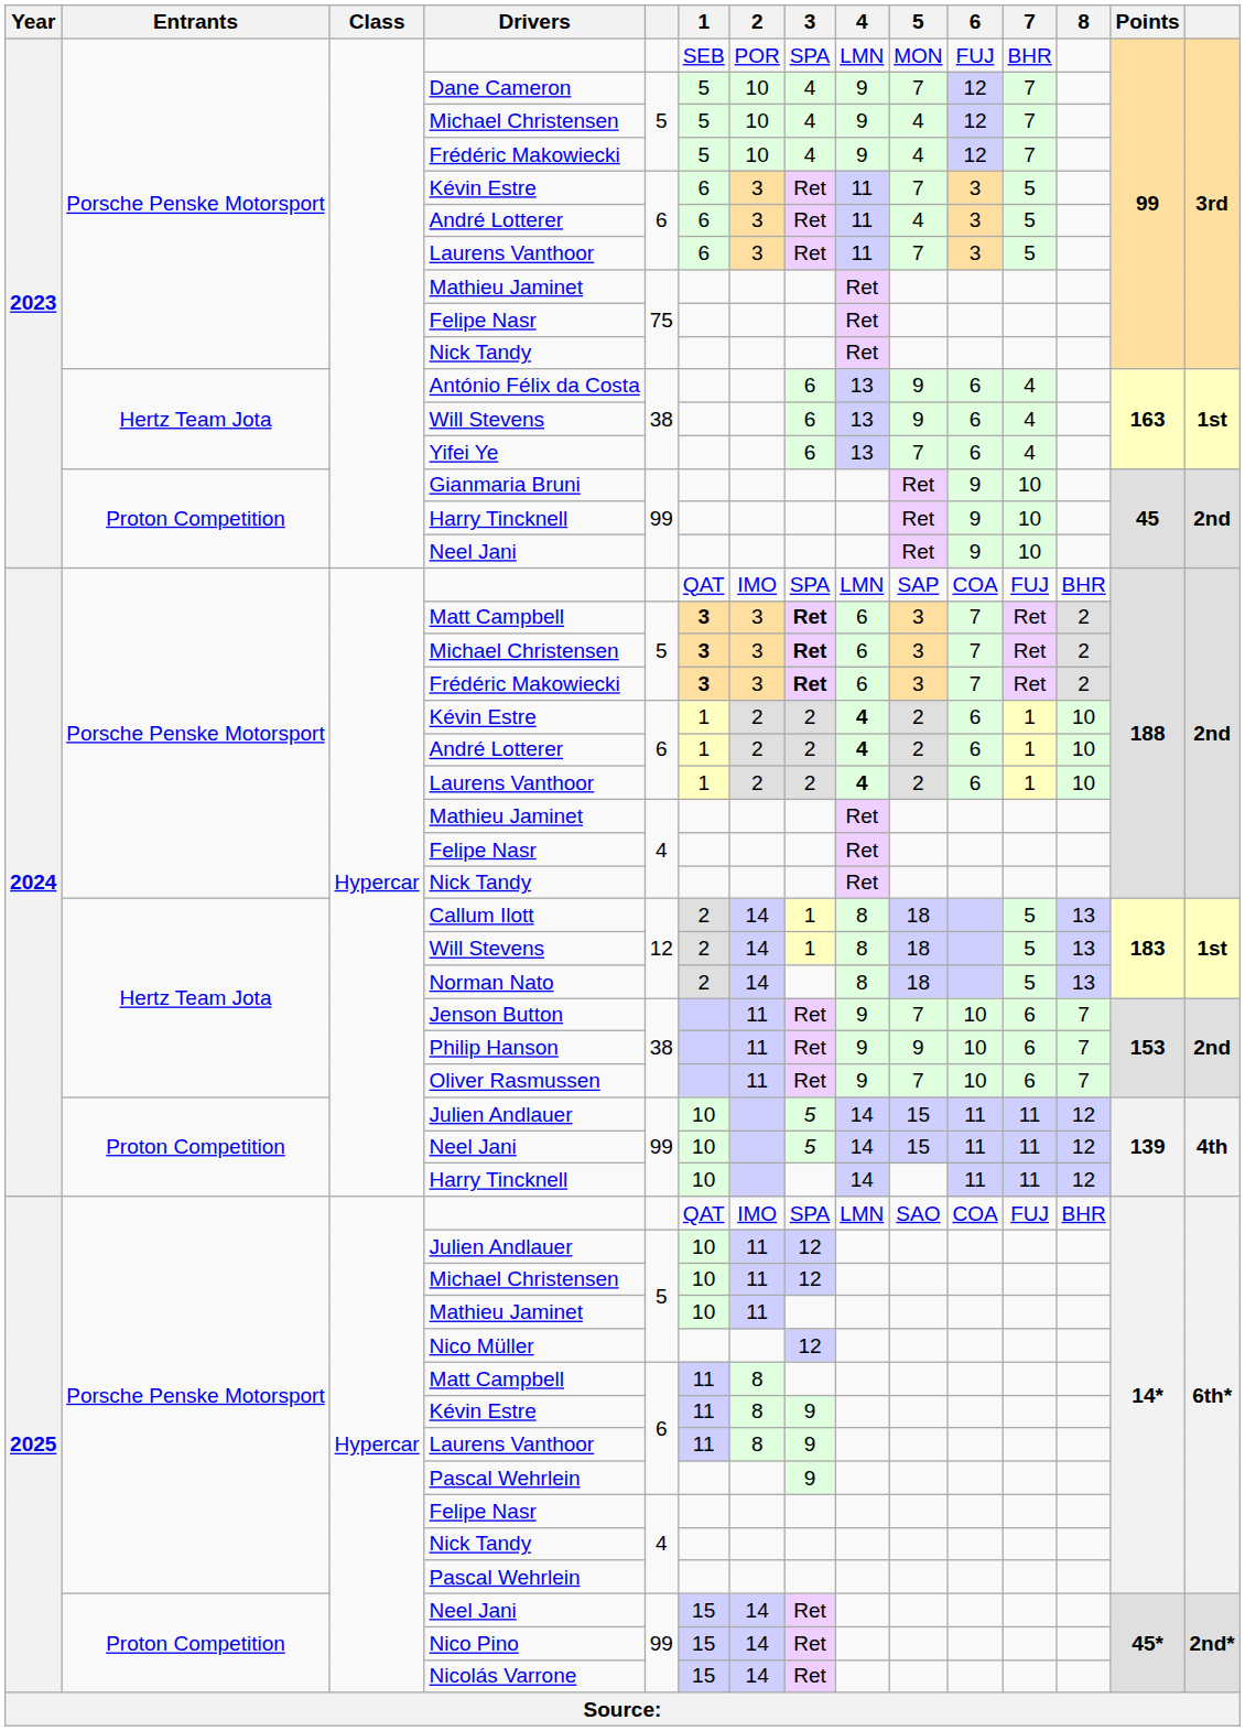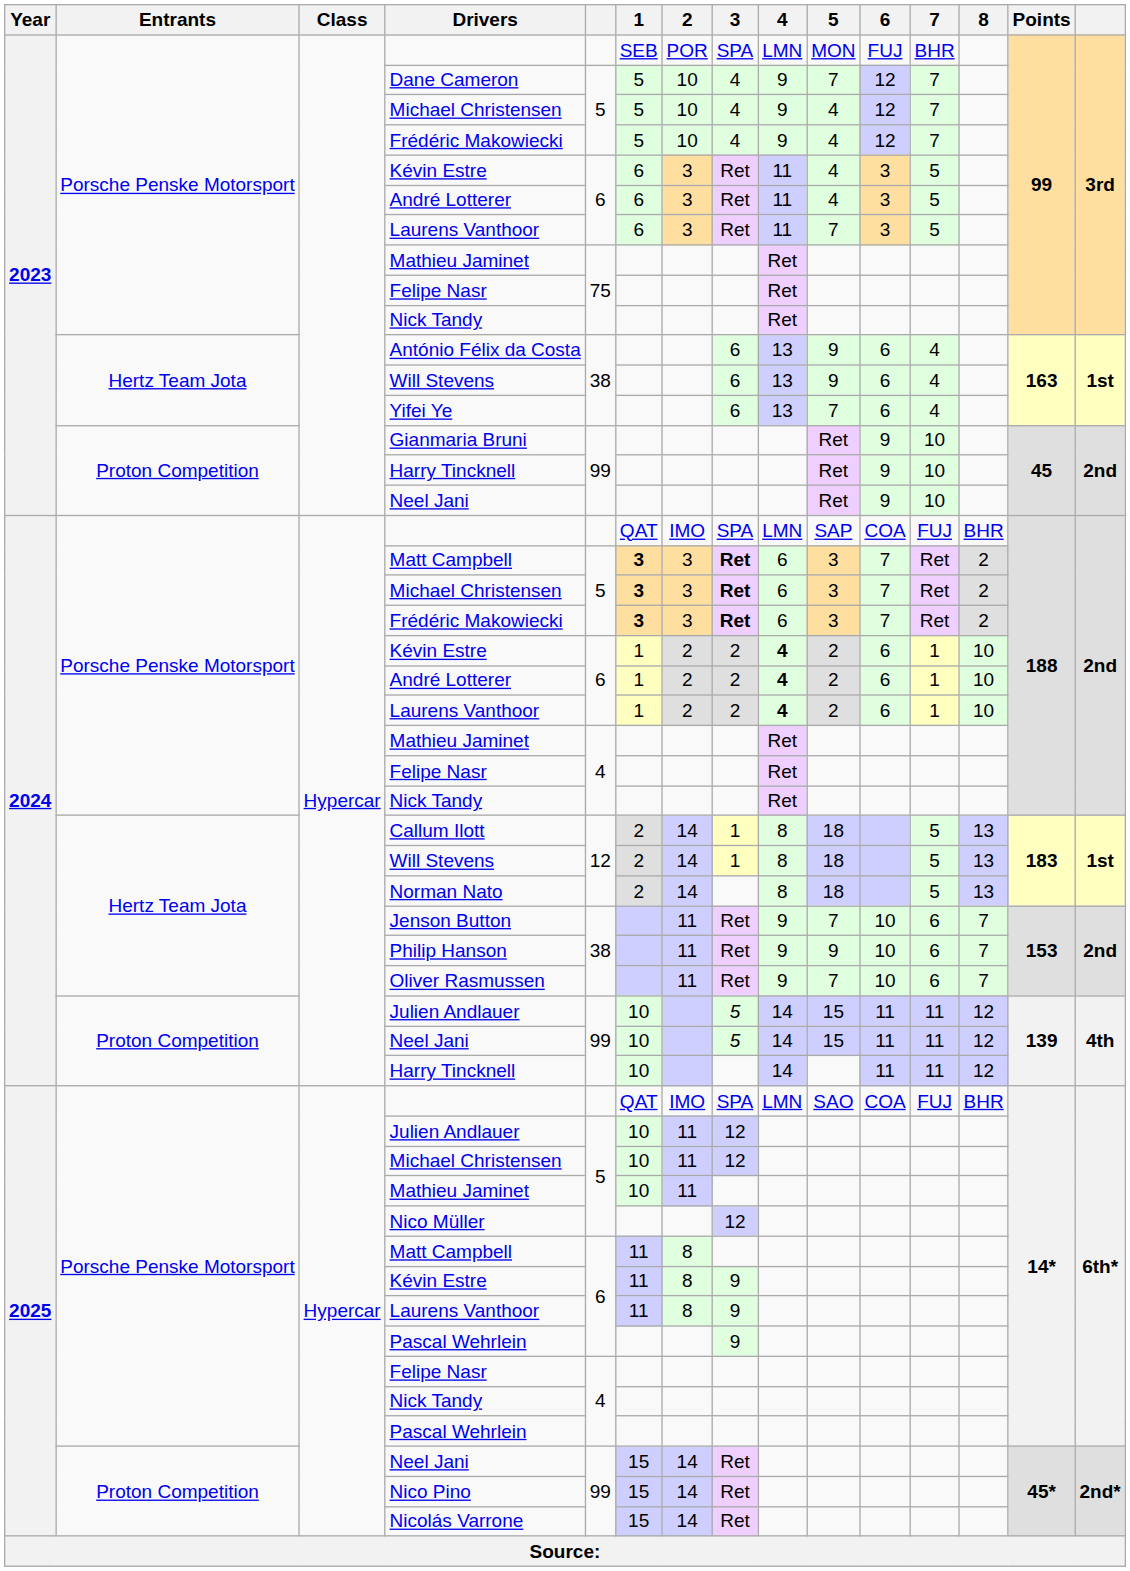 <table class = "wikitable" style="text-align:center; font-size:90%">
 <tr>
 <th>Year</th>
 <th>Entrants</th>
 <th>Class</th>
 <th>Drivers</th>
 <th></th>
 <th>1</th>
 <th>2</th>
 <th>3</th>
 <th>4</th>
 <th>5</th>
 <th>6</th>
 <th>7</th>
 <th>8</th>
 <th>Points</th>
 <th></th>
 </tr>
 <tr>
 <th rowspan="16"><a href='#'>2023</a></th>
 <td rowspan="10"><a href='#'>Porsche Penske Motorsport</a></td>
 <td rowspan="16"></td>
 <td></td>
 <td></td>
 <td><a href='#'>SEB</a></td>
 <td><a href='#'>POR</a></td>
 <td><a href='#'>SPA</a></td>
 <td><a href='#'>LMN</a></td>
 <td><a href='#'>MON</a></td>
 <td><a href='#'>FUJ</a></td>
 <td><a href='#'>BHR</a></td>
 <td></td>
 <th rowspan="10" style="background:#FFDF9F;">99</th>
 <th rowspan="10" style="background:#FFDF9F;">3rd</th>
 </tr>
 <tr>
 <td align="left"> <a href='#'>Dane Cameron</a></td>
 <td rowspan="3">5</td>
 <td style="background:#DFFFDF;">5</td>
 <td style="background:#DFFFDF;”">10</td>
 <td style="background:#DFFFDF;">4</td>
 <td style="background:#DFFFDF;">9</td>
 <td style="background:#DFFFDF;">7</td>
 <td style="background:#CFCFFF;">12</td>
 <td style="background:#DFFFDF;”">7</td>
 <td></td>
 </tr>
 <tr>
 <td align="left"> <a href='#'>Michael Christensen</a></td>
 <td style="background:#DFFFDF;">5</td>
 <td style="background:#DFFFDF;”">10</td>
 <td style="background:#DFFFDF;">4</td>
 <td style="background:#DFFFDF;">9</td>
 <td style="background:#DFFFDF;">4</td>
 <td style="background:#CFCFFF;">12</td>
 <td style="background:#DFFFDF;”">7</td>
 <td></td>
 </tr>
 <tr>
 <td align="left"> <a href='#'>Frédéric Makowiecki</a></td>
 <td style="background:#DFFFDF;">5</td>
 <td style="background:#DFFFDF;”">10</td>
 <td style="background:#DFFFDF;">4</td>
 <td style="background:#DFFFDF;">9</td>
 <td style="background:#DFFFDF;">4</td>
 <td style="background:#CFCFFF;">12</td>
 <td style="background:#DFFFDF;”">7</td>
 <td></td>
 </tr>
 <tr>
 <td align="left"> <a href='#'>Kévin Estre</a></td>
 <td rowspan="3">6</td>
 <td style="background:#DFFFDF;">6</td>
 <td style="background:#FFDF9F;”">3</td>
 <td style="background:#EFCFFF;">Ret</td>
 <td style="background:#CFCFFF;">11</td>
-<td style="background:#DFFFDF;">7</td>
+<td style="background:#DFFFDF;">4</td>
 <td style="background:#FFDF9F;”">3</td>
 <td style="background:#DFFFDF;”">5</td>
 <td></td>
 </tr>
 <tr>
 <td align="left"> <a href='#'>André Lotterer</a></td>
 <td style="background:#DFFFDF;">6</td>
 <td style="background:#FFDF9F;”">3</td>
 <td style="background:#EFCFFF;">Ret</td>
 <td style="background:#CFCFFF;">11</td>
 <td style="background:#DFFFDF;">4</td>
 <td style="background:#FFDF9F;”">3</td>
 <td style="background:#DFFFDF;”">5</td>
 <td></td>
 </tr>
 <tr>
 <td align="left"> <a href='#'>Laurens Vanthoor</a></td>
 <td style="background:#DFFFDF;">6</td>
 <td style="background:#FFDF9F;”">3</td>
 <td style="background:#EFCFFF;">Ret</td>
 <td style="background:#CFCFFF;">11</td>
 <td style="background:#DFFFDF;">7</td>
 <td style="background:#FFDF9F;”">3</td>
 <td style="background:#DFFFDF;”">5</td>
 <td></td>
 </tr>
 <tr>
 <td align="left"> <a href='#'>Mathieu Jaminet</a></td>
 <td rowspan="3">75</td>
 <td></td>
 <td></td>
 <td></td>
 <td style="background:#EFCFFF;">Ret</td>
 <td></td>
 <td></td>
 <td></td>
 <td></td>
 </tr>
 <tr>
 <td align="left"> <a href='#'>Felipe Nasr</a></td>
 <td></td>
 <td></td>
 <td></td>
 <td style="background:#EFCFFF;">Ret</td>
 <td></td>
 <td></td>
 <td></td>
 <td></td>
 </tr>
 <tr>
 <td align="left"> <a href='#'>Nick Tandy</a></td>
 <td></td>
 <td></td>
 <td></td>
 <td style="background:#EFCFFF;">Ret</td>
 <td></td>
 <td></td>
 <td></td>
 <td></td>
 </tr>
 <tr>
 <td rowspan="3"><a href='#'>Hertz Team Jota</a></td>
 <td align="left"> <a href='#'>António Félix da Costa</a></td>
 <td rowspan="3">38</td>
 <td></td>
 <td></td>
 <td style="background:#DFFFDF;">6</td>
 <td style="background:#CFCFFF;">13</td>
 <td style="background:#DFFFDF;">9</td>
 <td style="background:#DFFFDF;">6</td>
 <td style="background:#DFFFDF;”">4</td>
 <td></td>
 <th rowspan="3" style="background:#FFFFBF;">163</th>
 <th rowspan="3" style="background:#FFFFBF;">1st</th>
 </tr>
 <tr>
 <td align="left"> <a href='#'>Will Stevens</a></td>
 <td></td>
 <td></td>
 <td style="background:#DFFFDF;">6</td>
 <td style="background:#CFCFFF;">13</td>
 <td style="background:#DFFFDF;">9</td>
 <td style="background:#DFFFDF;">6</td>
 <td style="background:#DFFFDF;”">4</td>
 <td></td>
 </tr>
 <tr>
 <td align="left"> <a href='#'>Yifei Ye</a></td>
 <td></td>
 <td></td>
 <td style="background:#DFFFDF;">6</td>
 <td style="background:#CFCFFF;">13</td>
 <td style="background:#DFFFDF;">7</td>
 <td style="background:#DFFFDF;">6</td>
 <td style="background:#DFFFDF;”">4</td>
 <td></td>
 </tr>
 <tr>
 <td rowspan="3"><a href='#'>Proton Competition</a></td>
 <td align="left"> <a href='#'>Gianmaria Bruni</a></td>
 <td rowspan="3">99</td>
 <td></td>
 <td></td>
 <td></td>
 <td></td>
 <td style="background:#EFCFFF;">Ret</td>
 <td style="background:#DFFFDF;">9</td>
 <td style="background:#DFFFDF;”">10</td>
 <td></td>
 <th rowspan="3" style="background:#DFDFDF;">45</th>
 <th rowspan="3" style="background:#DFDFDF;">2nd</th>
 </tr>
 <tr>
 <td align="left"> <a href='#'>Harry Tincknell</a></td>
 <td></td>
 <td></td>
 <td></td>
 <td></td>
 <td style="background:#EFCFFF;">Ret</td>
 <td style="background:#DFFFDF;">9</td>
 <td style="background:#DFFFDF;”">10</td>
 <td></td>
 </tr>
 <tr>
 <td align="left"> <a href='#'>Neel Jani</a></td>
 <td></td>
 <td></td>
 <td></td>
 <td></td>
 <td style="background:#EFCFFF;">Ret</td>
 <td style="background:#DFFFDF;">9</td>
 <td style="background:#DFFFDF;”">10</td>
 <td></td>
 </tr>
 <tr>
 <th rowspan="19"><a href='#'>2024</a></th>
 <td rowspan="10"><a href='#'>Porsche Penske Motorsport</a></td>
 <td rowspan="19"><a href='#'>Hypercar</a></td>
 <td></td>
 <td></td>
 <td><a href='#'>QAT</a></td>
 <td><a href='#'>IMO</a></td>
 <td><a href='#'>SPA</a></td>
 <td><a href='#'>LMN</a></td>
 <td><a href='#'>SAP</a></td>
 <td><a href='#'>COA</a></td>
 <td><a href='#'>FUJ</a></td>
 <td><a href='#'>BHR</a></td>
 <th rowspan="10" style="background:#DFDFDF;”">188</th>
 <th rowspan="10" style="background:#DFDFDF;”">2nd</th>
 </tr>
 <tr>
 <td align="left"> <a href='#'>Matt Campbell</a></td>
 <td rowspan="3">5</td>
 <td style="background:#FFDF9F;”"><strong>3</strong></td>
 <td style="background:#FFDF9F;”">3</td>
 <td style="background:#EFCFFF;"><strong>Ret</strong></td>
 <td style="background:#DFFFDF;">6</td>
 <td style="background:#FFDF9F;”">3</td>
 <td style="background:#DFFFDF;">7</td>
 <td style="background:#EFCFFF;">Ret</td>
 <td style="background:#DFDFDF;”">2</td>
 </tr>
 <tr>
 <td align="left"> <a href='#'>Michael Christensen</a></td>
 <td style="background:#FFDF9F;”"><strong>3</strong></td>
 <td style="background:#FFDF9F;”">3</td>
 <td style="background:#EFCFFF;"><strong>Ret</strong></td>
 <td style="background:#DFFFDF;">6</td>
 <td style="background:#FFDF9F;”">3</td>
 <td style="background:#DFFFDF;">7</td>
 <td style="background:#EFCFFF;">Ret</td>
 <td style="background:#DFDFDF;”">2</td>
 </tr>
 <tr>
 <td align="left"> <a href='#'>Frédéric Makowiecki</a></td>
 <td style="background:#FFDF9F;”"><strong>3</strong></td>
 <td style="background:#FFDF9F;”">3</td>
 <td style="background:#EFCFFF;"><strong>Ret</strong></td>
 <td style="background:#DFFFDF;">6</td>
 <td style="background:#FFDF9F;”">3</td>
 <td style="background:#DFFFDF;">7</td>
 <td style="background:#EFCFFF;">Ret</td>
 <td style="background:#DFDFDF;”">2</td>
 </tr>
 <tr>
 <td align="left"> <a href='#'>Kévin Estre</a></td>
 <td rowspan="3">6</td>
 <td style="background:#FFFFBF;”">1</td>
 <td style="background:#DFDFDF;”">2</td>
 <td style="background:#DFDFDF;”">2</td>
 <td style="background:#DFFFDF;"><strong>4</strong></td>
 <td style="background:#DFDFDF;”">2</td>
 <td style="background:#DFFFDF;">6</td>
 <td style="background:#FFFFBF;”">1</td>
 <td style="background:#DFFFDF;">10</td>
 </tr>
 <tr>
 <td align="left"> <a href='#'>André Lotterer</a></td>
 <td style="background:#FFFFBF;”">1</td>
 <td style="background:#DFDFDF;”">2</td>
 <td style="background:#DFDFDF;”">2</td>
 <td style="background:#DFFFDF;"><strong>4</strong></td>
 <td style="background:#DFDFDF;”">2</td>
 <td style="background:#DFFFDF;">6</td>
 <td style="background:#FFFFBF;”">1</td>
 <td style="background:#DFFFDF;">10</td>
 </tr>
 <tr>
 <td align="left"> <a href='#'>Laurens Vanthoor</a></td>
 <td style="background:#FFFFBF;”">1</td>
 <td style="background:#DFDFDF;”">2</td>
 <td style="background:#DFDFDF;”">2</td>
 <td style="background:#DFFFDF;"><strong>4</strong></td>
 <td style="background:#DFDFDF;”">2</td>
 <td style="background:#DFFFDF;">6</td>
 <td style="background:#FFFFBF;”">1</td>
 <td style="background:#DFFFDF;">10</td>
 </tr>
 <tr>
 <td align="left"> <a href='#'>Mathieu Jaminet</a></td>
 <td rowspan="3">4</td>
 <td></td>
 <td></td>
 <td></td>
 <td style="background:#EFCFFF;">Ret</td>
 <td></td>
 <td></td>
 <td></td>
 <td></td>
 </tr>
 <tr>
 <td align="left"> <a href='#'>Felipe Nasr</a></td>
 <td></td>
 <td></td>
 <td></td>
 <td style="background:#EFCFFF;">Ret</td>
 <td></td>
 <td></td>
 <td></td>
 <td></td>
 </tr>
 <tr>
 <td align="left"> <a href='#'>Nick Tandy</a></td>
 <td></td>
 <td></td>
 <td></td>
 <td style="background:#EFCFFF;">Ret</td>
 <td></td>
 <td></td>
 <td></td>
 <td></td>
 </tr>
 <tr>
 <td rowspan="6"><a href='#'>Hertz Team Jota</a></td>
 <td align="left"> <a href='#'>Callum Ilott</a></td>
 <td rowspan="3">12</td>
 <td style="background:#DFDFDF;”">2</td>
 <td style="background:#CFCFFF;”">14</td>
 <td style="background:#FFFFBF;”">1</td>
 <td style="background:#DFFFDF;">8</td>
 <td style="background:#CFCFFF;”">18</td>
 <td style="background:#CFCFFF;”"></td>
 <td style="background:#DFFFDF;">5</td>
 <td style="background:#CFCFFF;”">13</td>
 <th rowspan="3" style="background:#FFFFBF;”">183</th>
 <th rowspan="3" style="background:#FFFFBF;”">1st</th>
 </tr>
 <tr>
 <td align="left"> <a href='#'>Will Stevens</a></td>
 <td style="background:#DFDFDF;”">2</td>
 <td style="background:#CFCFFF;”">14</td>
 <td style="background:#FFFFBF;”">1</td>
 <td style="background:#DFFFDF;">8</td>
 <td style="background:#CFCFFF;”">18</td>
 <td style="background:#CFCFFF;”"></td>
 <td style="background:#DFFFDF;">5</td>
 <td style="background:#CFCFFF;”">13</td>
 </tr>
 <tr>
 <td align="left"> <a href='#'>Norman Nato</a></td>
 <td style="background:#DFDFDF;”">2</td>
 <td style="background:#CFCFFF;”">14</td>
 <td></td>
 <td style="background:#DFFFDF;">8</td>
 <td style="background:#CFCFFF;”">18</td>
 <td style="background:#CFCFFF;”"></td>
 <td style="background:#DFFFDF;">5</td>
 <td style="background:#CFCFFF;”">13</td>
 </tr>
 <tr>
 <td align="left"> <a href='#'>Jenson Button</a></td>
 <td rowspan="3">38</td>
 <td style="background:#CFCFFF;”"></td>
 <td style="background:#CFCFFF;”">11</td>
 <td style="background:#EFCFFF;">Ret</td>
 <td style="background:#DFFFDF;">9</td>
 <td style="background:#DFFFDF;">7</td>
 <td style="background:#DFFFDF;">10</td>
 <td style="background:#DFFFDF;">6</td>
 <td style="background:#DFFFDF;">7</td>
 <th rowspan="3" style="background:#DFDFDF;">153</th>
 <th rowspan="3" style="background:#DFDFDF;">2nd</th>
 </tr>
 <tr>
 <td align="left"> <a href='#'>Philip Hanson</a></td>
 <td style="background:#CFCFFF;”"></td>
 <td style="background:#CFCFFF;”">11</td>
 <td style="background:#EFCFFF;">Ret</td>
 <td style="background:#DFFFDF;">9</td>
 <td style="background:#DFFFDF;">9</td>
 <td style="background:#DFFFDF;">10</td>
 <td style="background:#DFFFDF;">6</td>
 <td style="background:#DFFFDF;">7</td>
 </tr>
 <tr>
 <td align="left"> <a href='#'>Oliver Rasmussen</a></td>
 <td style="background:#CFCFFF;”"></td>
 <td style="background:#CFCFFF;”">11</td>
 <td style="background:#EFCFFF;">Ret</td>
 <td style="background:#DFFFDF;">9</td>
 <td style="background:#DFFFDF;">7</td>
 <td style="background:#DFFFDF;">10</td>
 <td style="background:#DFFFDF;">6</td>
 <td style="background:#DFFFDF;">7</td>
 </tr>
 <tr>
 <td rowspan="3"><a href='#'>Proton Competition</a></td>
 <td align="left"> <a href='#'>Julien Andlauer</a></td>
 <td rowspan="3">99</td>
 <td style="background:#DFFFDF;”">10</td>
 <td style="background:#CFCFFF;”"></td>
 <td style="background:#DFFFDF;”"><em>5</em></td>
 <td style="background:#CFCFFF;”">14</td>
 <td style="background:#CFCFFF;”">15</td>
 <td style="background:#CFCFFF;”">11</td>
 <td style="background:#CFCFFF;”">11</td>
 <td style="background:#CFCFFF;”">12</td>
 <th rowspan="3">139</th>
 <th rowspan="3">4th</th>
 </tr>
 <tr>
 <td align="left"> <a href='#'>Neel Jani</a></td>
 <td style="background:#DFFFDF;”">10</td>
 <td style="background:#CFCFFF;”"></td>
 <td style="background:#DFFFDF;”"><em>5</em></td>
 <td style="background:#CFCFFF;”">14</td>
 <td style="background:#CFCFFF;”">15</td>
 <td style="background:#CFCFFF;”">11</td>
 <td style="background:#CFCFFF;”">11</td>
 <td style="background:#CFCFFF;”">12</td>
 </tr>
 <tr>
 <td align="left"> <a href='#'>Harry Tincknell</a></td>
 <td style="background:#DFFFDF;”">10</td>
 <td style="background:#CFCFFF;”"></td>
 <td></td>
 <td style="background:#CFCFFF;”">14</td>
 <td></td>
 <td style="background:#CFCFFF;”">11</td>
 <td style="background:#CFCFFF;”">11</td>
 <td style="background:#CFCFFF;”">12</td>
 </tr>
 <tr>
 <th rowspan="15"><a href='#'>2025</a></th>
 <td rowspan="12"><a href='#'>Porsche Penske Motorsport</a></td>
 <td rowspan="15"><a href='#'>Hypercar</a></td>
 <td></td>
 <td></td>
 <td><a href='#'>QAT</a></td>
 <td><a href='#'>IMO</a></td>
 <td><a href='#'>SPA</a></td>
 <td><a href='#'>LMN</a></td>
 <td><a href='#'>SAO</a></td>
 <td><a href='#'>COA</a></td>
 <td><a href='#'>FUJ</a></td>
 <td><a href='#'>BHR</a></td>
 <th rowspan="12">14*</th>
 <th rowspan="12">6th*</th>
 </tr>
 <tr>
 <td align="left"> <a href='#'>Julien Andlauer</a></td>
 <td rowspan="4">5</td>
 <td style="background:#DFFFDF;”">10</td>
 <td style="background:#CFCFFF;”">11</td>
 <td style="background:#CFCFFF;”">12</td>
 <td></td>
 <td></td>
 <td></td>
 <td></td>
 <td></td>
 </tr>
 <tr>
 <td align="left"> <a href='#'>Michael Christensen</a></td>
 <td style="background:#DFFFDF;”">10</td>
 <td style="background:#CFCFFF;”">11</td>
 <td style="background:#CFCFFF;”">12</td>
 <td></td>
 <td></td>
 <td></td>
 <td></td>
 <td></td>
 </tr>
 <tr>
 <td align="left"> <a href='#'>Mathieu Jaminet</a></td>
 <td style="background:#DFFFDF;”">10</td>
 <td style="background:#CFCFFF;”">11</td>
 <td></td>
 <td></td>
 <td></td>
 <td></td>
 <td></td>
 <td></td>
 </tr>
 <tr>
 <td align="left"> <a href='#'>Nico Müller</a></td>
 <td></td>
 <td></td>
 <td style="background:#CFCFFF;”">12</td>
 <td></td>
 <td></td>
 <td></td>
 <td></td>
 <td></td>
 </tr>
 <tr>
 <td align="left"> <a href='#'>Matt Campbell</a></td>
 <td rowspan="4">6</td>
 <td style="background:#CFCFFF;”">11</td>
 <td style="background:#DFFFDF;”">8</td>
 <td></td>
 <td></td>
 <td></td>
 <td></td>
 <td></td>
 <td></td>
 </tr>
 <tr>
 <td align="left"> <a href='#'>Kévin Estre</a></td>
 <td style="background:#CFCFFF;”">11</td>
 <td style="background:#DFFFDF;”">8</td>
 <td style="background:#DFFFDF;”">9</td>
 <td></td>
 <td></td>
 <td></td>
 <td></td>
 <td></td>
 </tr>
 <tr>
 <td align="left"> <a href='#'>Laurens Vanthoor</a></td>
 <td style="background:#CFCFFF;”">11</td>
 <td style="background:#DFFFDF;”">8</td>
 <td style="background:#DFFFDF;”">9</td>
 <td></td>
 <td></td>
 <td></td>
 <td></td>
 <td></td>
 </tr>
 <tr>
 <td align="left"> <a href='#'>Pascal Wehrlein</a></td>
 <td></td>
 <td></td>
 <td style="background:#DFFFDF;”">9</td>
 <td></td>
 <td></td>
 <td></td>
 <td></td>
 <td></td>
 </tr>
 <tr>
 <td align="left"> <a href='#'>Felipe Nasr</a></td>
 <td rowspan="3">4</td>
 <td></td>
 <td></td>
 <td></td>
 <td></td>
 <td></td>
 <td></td>
 <td></td>
 <td></td>
 </tr>
 <tr>
 <td align="left"> <a href='#'>Nick Tandy</a></td>
 <td></td>
 <td></td>
 <td></td>
 <td></td>
 <td></td>
 <td></td>
 <td></td>
 <td></td>
 </tr>
 <tr>
 <td align="left"> <a href='#'>Pascal Wehrlein</a></td>
 <td></td>
 <td></td>
 <td></td>
 <td></td>
 <td></td>
 <td></td>
 <td></td>
 <td></td>
 </tr>
 <tr>
 <td rowspan="3"><a href='#'>Proton Competition</a></td>
 <td align="left"> <a href='#'>Neel Jani</a></td>
 <td rowspan="3">99</td>
 <td style="background:#CFCFFF;”">15</td>
 <td style="background:#CFCFFF;”">14</td>
 <td style="background:#EFCFFF;">Ret</td>
 <td></td>
 <td></td>
 <td></td>
 <td></td>
 <td></td>
 <th rowspan="3" style="background:#DFDFDF;">45*</th>
 <th rowspan="3" style="background:#DFDFDF;">2nd*</th>
 </tr>
 <tr>
 <td align="left"> <a href='#'>Nico Pino</a></td>
 <td style="background:#CFCFFF;”">15</td>
 <td style="background:#CFCFFF;”">14</td>
 <td style="background:#EFCFFF;">Ret</td>
 <td></td>
 <td></td>
 <td></td>
 <td></td>
 <td></td>
 </tr>
 <tr>
 <td align="left"> <a href='#'>Nicolás Varrone</a></td>
 <td style="background:#CFCFFF;”">15</td>
 <td style="background:#CFCFFF;”">14</td>
 <td style="background:#EFCFFF;">Ret</td>
 <td></td>
 <td></td>
 <td></td>
 <td></td>
 <td></td>
 </tr>
 <tr>
 <th colspan="15">Source:</th>
 </tr>
 </table>
